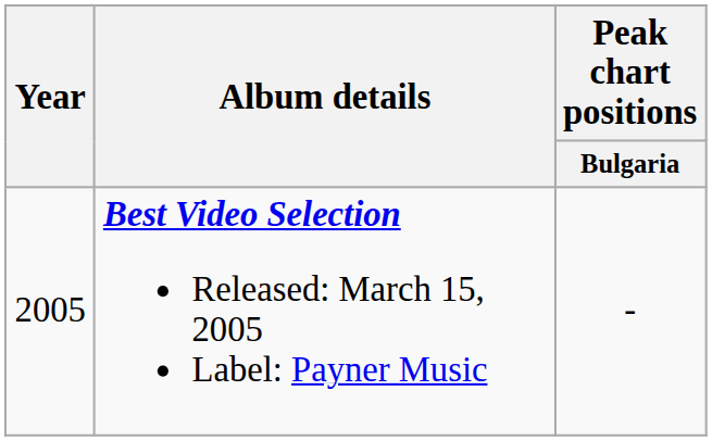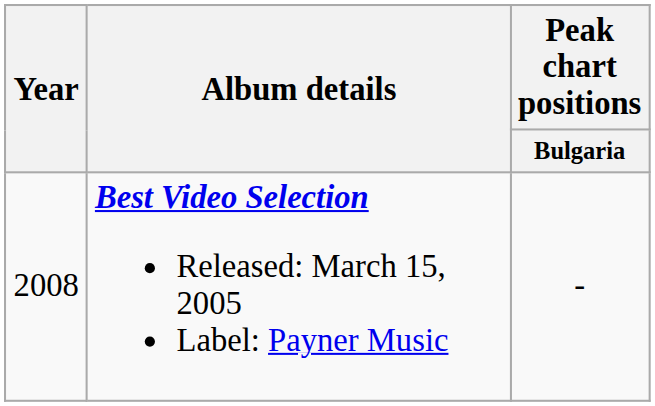 <table class="wikitable">
 <tr>
 <th rowspan="2" style="width:33px;">Year</th>
 <th rowspan="2" style="width:200px;">Album details</th>
 <th colspan="10">Peak chart positions</th>
 </tr>
 <tr>
 <th style="width:3em;font-size:75%">Bulgaria</th>
 </tr>
 <tr>
-<td style="text-align:center;">2005</td>
+<td style="text-align:center;">2008</td>
 <td><strong><em><a href='#'>Best Video Selection</a></em></strong><br><ul><li>Released: March 15, 2005</li><li>Label: <a href='#'>Payner Music</a></li></ul></td>
 <td style="text-align:center;">-</td>
 </tr>
 </table>
